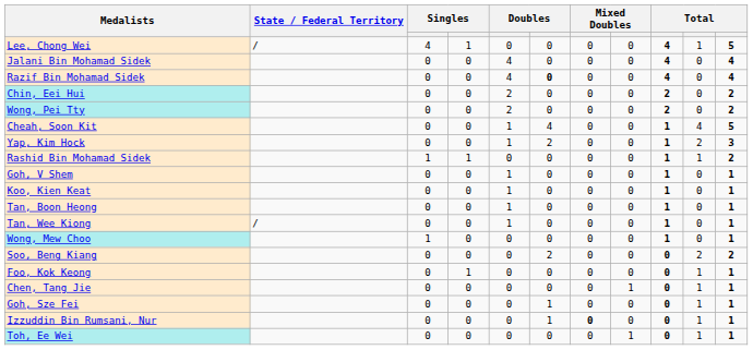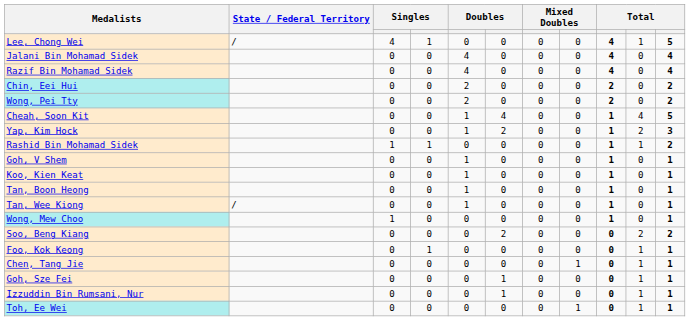 <table class="sortable wikitable">
 <tr>
 <th width=315 rowspan="2">Medalists</th>
 <th width=200 rowspan="2"><a href='#'>State / Federal Territory</a></th>
 <th width=100 colspan="2">Singles</th>
 <th width=100 colspan="2">Doubles</th>
 <th width=100 colspan="2">Mixed Doubles</th>
 <th width=120  colspan="3">Total</th>
 </tr>
 <tr>
 <th></th>
 <th></th>
 <th></th>
 <th></th>
 <th></th>
 <th></th>
 <th></th>
 <th></th>
 <th></th>
 </tr>
 <tr>
 <td bgcolor=#ffebcd><a href='#'>Lee, Chong Wei</a></td>
 <td>/</td>
 <td align=center>4</td>
 <td align=center>1</td>
 <td align=center>0</td>
 <td align=center>0</td>
 <td align=center>0</td>
 <td align=center>0</td>
 <td align=center><strong>4</strong></td>
 <td align=center>1</td>
 <td align=center><strong>5</strong></td>
 </tr>
 <tr>
 <td bgcolor=#ffebcd><a href='#'>Jalani Bin Mohamad Sidek</a></td>
 <td></td>
 <td align=center>0</td>
 <td align=center>0</td>
 <td align=center>4</td>
 <td align=center>0</td>
 <td align=center>0</td>
 <td align=center>0</td>
 <td align=center><strong>4</strong></td>
 <td align=center>0</td>
 <td align=center><strong>4</strong></td>
 </tr>
 <tr>
 <td bgcolor=#ffebcd><a href='#'>Razif Bin Mohamad Sidek</a></td>
 <td></td>
 <td align=center>0</td>
 <td align=center>0</td>
 <td align=center>4</td>
-<td align=center><strong>0</strong></td>
+<td align=center>0</td>
 <td align=center>0</td>
 <td align=center>0</td>
 <td align=center><strong>4</strong></td>
 <td align=center>0</td>
 <td align=center><strong>4</strong></td>
 </tr>
 <tr>
 <td bgcolor=#afeeee><a href='#'>Chin, Eei Hui</a></td>
 <td></td>
 <td align=center>0</td>
 <td align=center>0</td>
 <td align=center>2</td>
 <td align=center>0</td>
 <td align=center>0</td>
 <td align=center>0</td>
 <td align=center><strong>2</strong></td>
 <td align=center>0</td>
 <td align=center><strong>2</strong></td>
 </tr>
 <tr>
 <td bgcolor=#afeeee><a href='#'>Wong, Pei Tty</a></td>
 <td></td>
 <td align=center>0</td>
 <td align=center>0</td>
 <td align=center>2</td>
 <td align=center>0</td>
 <td align=center>0</td>
 <td align=center>0</td>
 <td align=center><strong>2</strong></td>
 <td align=center>0</td>
 <td align=center><strong>2</strong></td>
 </tr>
 <tr>
 <td bgcolor=#ffebcd><a href='#'>Cheah, Soon Kit</a></td>
 <td></td>
 <td align=center>0</td>
 <td align=center>0</td>
 <td align=center>1</td>
 <td align=center>4</td>
 <td align=center>0</td>
 <td align=center>0</td>
 <td align=center><strong>1</strong></td>
 <td align=center>4</td>
 <td align=center><strong>5</strong></td>
 </tr>
 <tr>
 <td bgcolor=#ffebcd><a href='#'>Yap, Kim Hock</a></td>
 <td></td>
 <td align=center>0</td>
 <td align=center>0</td>
 <td align=center>1</td>
 <td align=center>2</td>
 <td align=center>0</td>
 <td align=center>0</td>
 <td align=center><strong>1</strong></td>
 <td align=center>2</td>
 <td align=center><strong>3</strong></td>
 </tr>
 <tr>
 <td bgcolor=#ffebcd><a href='#'>Rashid Bin Mohamad Sidek</a></td>
 <td></td>
 <td align=center>1</td>
 <td align=center>1</td>
 <td align=center>0</td>
 <td align=center>0</td>
 <td align=center>0</td>
 <td align=center>0</td>
 <td align=center><strong>1</strong></td>
 <td align=center>1</td>
 <td align=center><strong>2</strong></td>
 </tr>
 <tr>
 <td bgcolor=#ffebcd><a href='#'>Goh, V Shem</a></td>
 <td></td>
 <td align=center>0</td>
 <td align=center>0</td>
 <td align=center>1</td>
 <td align=center>0</td>
 <td align=center>0</td>
 <td align=center>0</td>
 <td align=center><strong>1</strong></td>
 <td align=center>0</td>
 <td align=center><strong>1</strong></td>
 </tr>
 <tr>
 <td bgcolor=#ffebcd><a href='#'>Koo, Kien Keat</a></td>
 <td></td>
 <td align=center>0</td>
 <td align=center>0</td>
 <td align=center>1</td>
 <td align=center>0</td>
 <td align=center>0</td>
 <td align=center>0</td>
 <td align=center><strong>1</strong></td>
 <td align=center>0</td>
 <td align=center><strong>1</strong></td>
 </tr>
 <tr>
 <td bgcolor=#ffebcd><a href='#'>Tan, Boon Heong</a></td>
 <td></td>
 <td align=center>0</td>
 <td align=center>0</td>
 <td align=center>1</td>
 <td align=center>0</td>
 <td align=center>0</td>
 <td align=center>0</td>
 <td align=center><strong>1</strong></td>
 <td align=center>0</td>
 <td align=center><strong>1</strong></td>
 </tr>
 <tr>
 <td bgcolor=#ffebcd><a href='#'>Tan, Wee Kiong</a></td>
 <td>/</td>
 <td align=center>0</td>
 <td align=center>0</td>
 <td align=center>1</td>
 <td align=center>0</td>
 <td align=center>0</td>
 <td align=center>0</td>
 <td align=center><strong>1</strong></td>
 <td align=center>0</td>
 <td align=center><strong>1</strong></td>
 </tr>
 <tr>
 <td bgcolor=#afeeee><a href='#'>Wong, Mew Choo</a></td>
 <td></td>
 <td align=center>1</td>
 <td align=center>0</td>
 <td align=center>0</td>
 <td align=center>0</td>
 <td align=center>0</td>
 <td align=center>0</td>
 <td align=center><strong>1</strong></td>
 <td align=center>0</td>
 <td align=center><strong>1</strong></td>
 </tr>
 <tr>
 <td bgcolor=#ffebcd><a href='#'>Soo, Beng Kiang</a></td>
 <td></td>
 <td align=center>0</td>
 <td align=center>0</td>
 <td align=center>0</td>
 <td align=center>2</td>
 <td align=center>0</td>
 <td align=center>0</td>
 <td align=center><strong>0</strong></td>
 <td align=center>2</td>
 <td align=center><strong>2</strong></td>
 </tr>
 <tr>
 <td bgcolor=#ffebcd><a href='#'>Foo, Kok Keong</a></td>
 <td></td>
 <td align=center>0</td>
 <td align=center>1</td>
 <td align=center>0</td>
 <td align=center>0</td>
 <td align=center>0</td>
 <td align=center>0</td>
 <td align=center><strong>0</strong></td>
 <td align=center>1</td>
 <td align=center><strong>1</strong></td>
 </tr>
 <tr>
 <td bgcolor=#ffebcd><a href='#'>Chen, Tang Jie</a></td>
 <td></td>
 <td align=center>0</td>
 <td align=center>0</td>
 <td align=center>0</td>
 <td align=center>0</td>
 <td align=center>0</td>
 <td align=center>1</td>
 <td align=center><strong>0</strong></td>
 <td align=center>1</td>
 <td align=center><strong>1</strong></td>
 </tr>
 <tr>
 <td bgcolor=#ffebcd><a href='#'>Goh, Sze Fei</a></td>
 <td></td>
 <td align=center>0</td>
 <td align=center>0</td>
 <td align=center>0</td>
 <td align=center>1</td>
 <td align=center>0</td>
 <td align=center>0</td>
 <td align=center><strong>0</strong></td>
 <td align=center>1</td>
 <td align=center><strong>1</strong></td>
 </tr>
 <tr>
 <td bgcolor=#ffebcd><a href='#'>Izzuddin Bin Rumsani, Nur</a></td>
 <td></td>
 <td align=center>0</td>
 <td align=center>0</td>
 <td align=center>0</td>
 <td align=center>1</td>
-<td align=center><strong>0</strong></td>
+<td align=center>0</td>
 <td align=center>0</td>
 <td align=center><strong>0</strong></td>
 <td align=center>1</td>
 <td align=center><strong>1</strong></td>
 </tr>
 <tr>
 <td bgcolor=#afeeee><a href='#'>Toh, Ee Wei</a></td>
 <td></td>
 <td align=center>0</td>
 <td align=center>0</td>
 <td align=center>0</td>
 <td align=center>0</td>
 <td align=center>0</td>
 <td align=center>1</td>
 <td align=center><strong>0</strong></td>
 <td align=center>1</td>
 <td align=center><strong>1</strong></td>
 </tr>
 </table>
